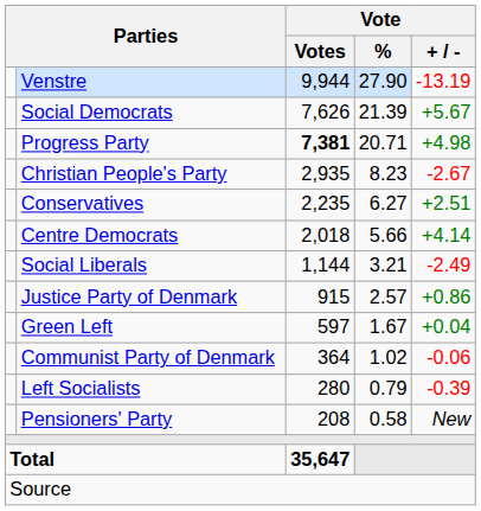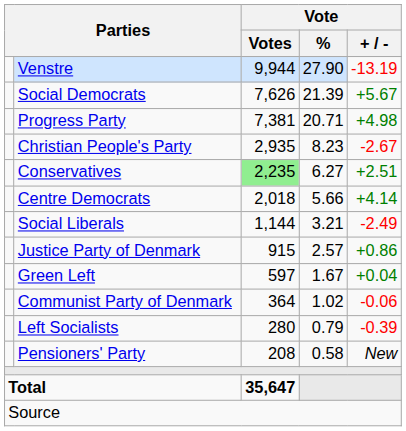 <table class="wikitable" style="text-align:right;">
 <tr>
 <th style="text-align:centre;" rowspan="2" colspan="2" width="225">Parties</th>
 <th colspan="3">Vote</th>
 </tr>
 <tr>
 <th width="15">Votes</th>
 <th width="15">%</th>
 <th width="15">+ / -</th>
 </tr>
 <tr>
 <td width="2" style="color:inherit;background:"></td>
 <td bgcolor=#cfe5fe  align="left"><a href='#'>Venstre</a></td>
 <td bgcolor=#cfe5fe>9,944</td>
 <td bgcolor=#cfe5fe>27.90</td>
 <td style=color:red;>-13.19</td>
 </tr>
 <tr>
 <td width="2" style="color:inherit;background:"></td>
 <td align="left"><a href='#'>Social Democrats</a></td>
 <td>7,626</td>
 <td>21.39</td>
 <td style=color:green;>+5.67</td>
 </tr>
 <tr>
 <td width="2" style="color:inherit;background:"></td>
 <td align="left"><a href='#'>Progress Party</a></td>
-<td><strong>7,381</strong></td>
+<td>7,381</td>
 <td>20.71</td>
 <td style=color:green;>+4.98</td>
 </tr>
 <tr>
 <td width="2" style="color:inherit;background:"></td>
 <td align="left"><a href='#'>Christian People's Party</a></td>
 <td>2,935</td>
 <td>8.23</td>
 <td style=color:red;>-2.67</td>
 </tr>
 <tr>
 <td width="2" style="color:inherit;background:"></td>
 <td align="left"><a href='#'>Conservatives</a></td>
-<td>2,235</td>
+<td style="background: lightgreen;">2,235</td>
 <td>6.27</td>
 <td style=color:green;>+2.51</td>
 </tr>
 <tr>
 <td width="2" style="color:inherit;background:"></td>
 <td align="left"><a href='#'>Centre Democrats</a></td>
 <td>2,018</td>
 <td>5.66</td>
 <td style=color:green;>+4.14</td>
 </tr>
 <tr>
 <td width="2" style="color:inherit;background:"></td>
 <td align="left"><a href='#'>Social Liberals</a></td>
 <td>1,144</td>
 <td>3.21</td>
 <td style=color:red;>-2.49</td>
 </tr>
 <tr>
 <td width="2" style="color:inherit;background:"></td>
 <td align="left"><a href='#'>Justice Party of Denmark</a></td>
 <td>915</td>
 <td>2.57</td>
 <td style=color:green;>+0.86</td>
 </tr>
 <tr>
 <td width="2" style="color:inherit;background:"></td>
 <td align="left"><a href='#'>Green Left</a></td>
 <td>597</td>
 <td>1.67</td>
 <td style=color:green;>+0.04</td>
 </tr>
 <tr>
 <td width="2" style="color:inherit;background:"></td>
 <td align="left"><a href='#'>Communist Party of Denmark</a></td>
 <td>364</td>
 <td>1.02</td>
 <td style=color:red;>-0.06</td>
 </tr>
 <tr>
 <td width="2" style="color:inherit;background:"></td>
 <td align="left"><a href='#'>Left Socialists</a></td>
 <td>280</td>
 <td>0.79</td>
 <td style=color:red;>-0.39</td>
 </tr>
 <tr>
 <td width="2" style="color:inherit;background:"></td>
 <td align="left"><a href='#'>Pensioners' Party</a></td>
 <td>208</td>
 <td>0.58</td>
 <td><em>New</em></td>
 </tr>
 <tr>
 <td colspan="7" bgcolor="#E9E9E9"></td>
 </tr>
 <tr>
 <td align="left" colspan="2"><strong>Total</strong></td>
 <td><strong>35,647</strong></td>
 <td bgcolor="#E9E9E9" colspan="2"></td>
 </tr>
 <tr>
 <td align="left" colspan="6">Source</td>
 </tr>
 </table>
